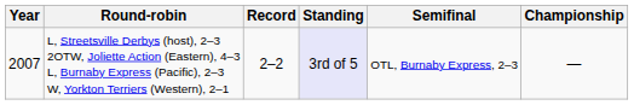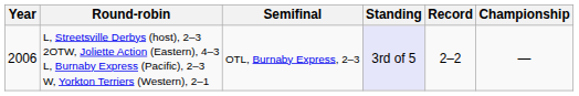 <table class="wikitable" style="text-align:center;">
 <tr>
 <th>Year</th>
 <th>Round-robin</th>
+<th>Semifinal</th>
+<th>Standing</th>
 <th>Record</th>
-<th>Standing</th>
-<th>Semifinal</th>
 <th>Championship</th>
 </tr>
 <tr>
-<td>2007</td>
+<td>2006</td>
 <td align=left><small>L, <a href='#'>Streetsville Derbys</a> (host), 2–3<br>2OTW, <a href='#'>Joliette Action</a> (Eastern), 4–3<br>L, <a href='#'>Burnaby Express</a> (Pacific), 2–3<br>W, <a href='#'>Yorkton Terriers</a> (Western), 2–1</small></td>
+<td><small>OTL, <a href='#'>Burnaby Express</a>, 2–3</small></td>
+<td style="background: lavender;">3rd of 5</td>
 <td>2–2</td>
-<td style="background: lavender;">3rd of 5</td>
-<td><small>OTL, <a href='#'>Burnaby Express</a>, 2–3</small></td>
 <td>—</td>
 </tr>
 </table>
